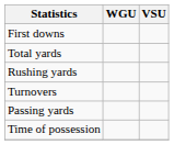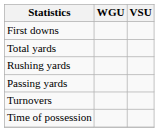 <table class="wikitable">
 <tr>
 <th>Statistics</th>
 <th>WGU</th>
 <th>VSU</th>
 </tr>
 <tr>
 <td>First downs</td>
 <td></td>
 <td></td>
 </tr>
 <tr>
 <td>Total yards</td>
 <td></td>
 <td></td>
 </tr>
 <tr>
 <td>Rushing yards</td>
 <td></td>
 <td></td>
 </tr>
 <tr>
-<td>Turnovers</td>
+<td>Passing yards</td>
 <td></td>
 <td></td>
 </tr>
 <tr>
-<td>Passing yards</td>
+<td>Turnovers</td>
 <td></td>
 <td></td>
 </tr>
 <tr>
 <td>Time of possession</td>
 <td></td>
 <td></td>
 </tr>
 <tr>
 </tr>
 </table>
